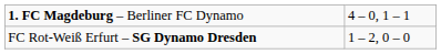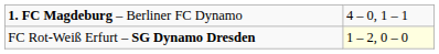 <table class="wikitable" style="width:500px;">
 <tr>
 <td><strong>1. FC Magdeburg</strong> – Berliner FC Dynamo</td>
 <td>4 – 0, 1 – 1</td>
 </tr>
 <tr>
 <td>FC Rot-Weiß Erfurt – <strong>SG Dynamo Dresden</strong></td>
-<td>1 – 2, 0 – 0</td>
+<td style="background: lightyellow;">1 – 2, 0 – 0</td>
 </tr>
 </table>
